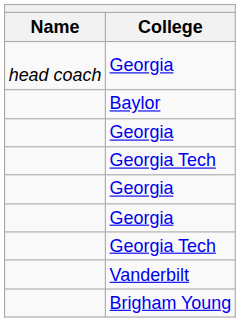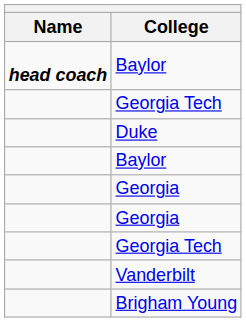 <table class="wikitable sortable">
 <tr>
 <th colspan=2></th>
 </tr>
 <tr>
 <th>Name</th>
 <th>College</th>
 </tr>
 <tr>
-<td><br><em>head coach</em></td>
-<td><a href='#'>Georgia</a></td>
+<td><strong><br><em>head coach</em></strong></td>
+<td><a href='#'>Baylor</a></td>
+</tr>
+<tr>
+<td></td>
+<td><a href='#'>Georgia Tech</a></td>
+</tr>
+<tr>
+<td></td>
+<td><a href='#'>Duke</a></td>
 </tr>
 <tr>
 <td></td>
 <td><a href='#'>Baylor</a></td>
-</tr>
-<tr>
-<td></td>
-<td><a href='#'>Georgia</a></td>
-</tr>
-<tr>
-<td></td>
-<td><a href='#'>Georgia Tech</a></td>
 </tr>
 <tr>
 <td></td>
 <td><a href='#'>Georgia</a></td>
 </tr>
 <tr>
 <td></td>
 <td><a href='#'>Georgia</a></td>
 </tr>
 <tr>
 <td></td>
 <td><a href='#'>Georgia Tech</a></td>
 </tr>
 <tr>
 <td></td>
 <td><a href='#'>Vanderbilt</a></td>
 </tr>
 <tr>
 <td></td>
 <td><a href='#'>Brigham Young</a></td>
 </tr>
 </table>
